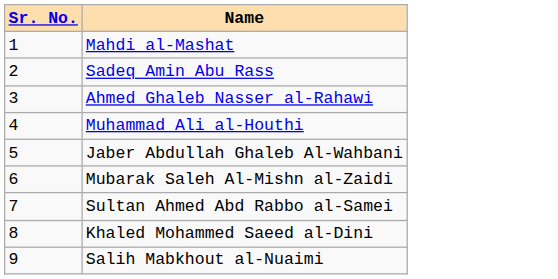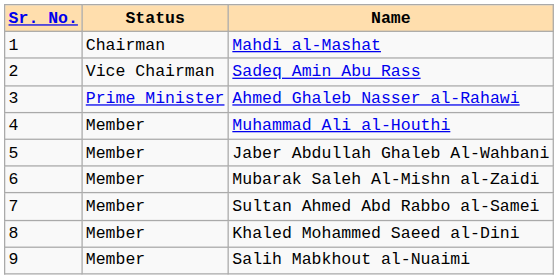 <table class="wikitable">
 <tr style="font-weight:bold; text-align:center;">
 <th align="center" style="background-color: #FFDEAD"><a href='#'>Sr. No.</a></th>
+<th align="center" style="background-color: #FFDEAD">Status</th>
 <th align="center" style="background-color: #FFDEAD">Name</th>
 </tr>
 <tr>
 <td style="vertical-align:middle;">1</td>
+<td style="vertical-align:middle;">Chairman</td>
 <td><a href='#'>Mahdi al-Mashat</a></td>
 </tr>
 <tr>
 <td style="vertical-align:middle;">2</td>
+<td style="vertical-align:middle;">Vice Chairman</td>
 <td><a href='#'>Sadeq Amin Abu Rass</a></td>
 </tr>
 <tr>
 <td style="vertical-align:middle;">3</td>
+<td style="vertical-align:middle;"><a href='#'>Prime Minister</a></td>
 <td><a href='#'>Ahmed Ghaleb Nasser al-Rahawi</a></td>
 </tr>
 <tr style="vertical-align:middle;">
 <td>4</td>
+<td>Member</td>
 <td><a href='#'>Muhammad Ali al-Houthi</a></td>
 </tr>
 <tr style="vertical-align:middle;">
 <td>5</td>
+<td>Member</td>
 <td>Jaber Abdullah Ghaleb Al-Wahbani</td>
 </tr>
 <tr style="vertical-align:middle;">
 <td>6</td>
+<td>Member</td>
 <td>Mubarak Saleh Al-Mishn al-Zaidi</td>
 </tr>
 <tr style="vertical-align:middle;">
 <td>7</td>
+<td>Member</td>
 <td>Sultan Ahmed Abd Rabbo al-Samei</td>
 </tr>
 <tr style="vertical-align:middle;">
 <td>8</td>
+<td>Member</td>
 <td>Khaled Mohammed Saeed al-Dini</td>
 </tr>
 <tr>
 <td style="vertical-align:middle;">9</td>
+<td style="vertical-align:middle;">Member</td>
 <td>Salih Mabkhout al-Nuaimi</td>
 </tr>
 </table>
